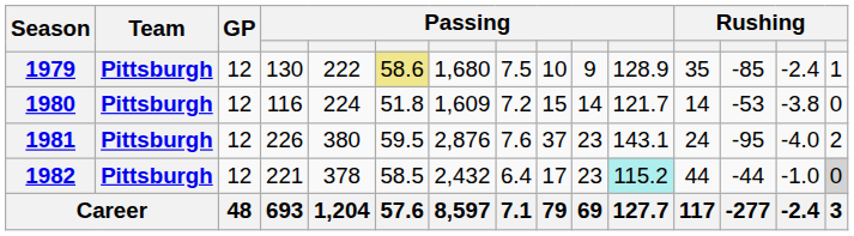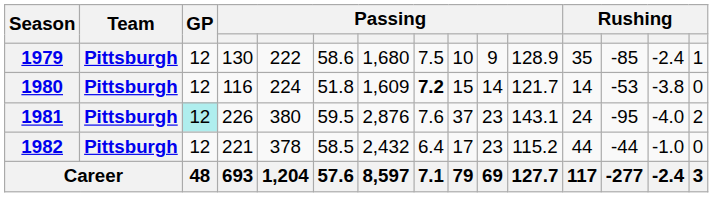 <table class="wikitable" style="text-align:center;">
 <tr>
 <th rowspan="2">Season</th>
 <th rowspan="2">Team</th>
 <th rowspan="2">GP</th>
 <th colspan="8">Passing</th>
 <th colspan="4">Rushing</th>
 </tr>
 <tr>
 <th></th>
 <th></th>
 <th></th>
 <th></th>
 <th></th>
 <th></th>
 <th></th>
 <th></th>
 <th></th>
 <th></th>
 <th></th>
 <th></th>
 </tr>
 <tr>
 <th><a href='#'>1979</a></th>
 <th><a href='#'>Pittsburgh</a></th>
 <td>12</td>
 <td>130</td>
 <td>222</td>
-<td style="background: khaki;">58.6</td>
+<td>58.6</td>
 <td>1,680</td>
 <td>7.5</td>
 <td>10</td>
 <td>9</td>
 <td>128.9</td>
 <td>35</td>
 <td>-85</td>
 <td>-2.4</td>
 <td>1</td>
 </tr>
 <tr>
 <th><a href='#'>1980</a></th>
 <th><a href='#'>Pittsburgh</a></th>
 <td>12</td>
 <td>116</td>
 <td>224</td>
 <td>51.8</td>
 <td>1,609</td>
-<td>7.2</td>
+<td><strong>7.2</strong></td>
 <td>15</td>
 <td>14</td>
 <td>121.7</td>
 <td>14</td>
 <td>-53</td>
 <td>-3.8</td>
 <td>0</td>
 </tr>
 <tr>
 <th><a href='#'>1981</a></th>
 <th><a href='#'>Pittsburgh</a></th>
-<td>12</td>
+<td style="background: paleturquoise;">12</td>
 <td>226</td>
 <td>380</td>
 <td>59.5</td>
 <td>2,876</td>
 <td>7.6</td>
 <td>37</td>
 <td>23</td>
 <td>143.1</td>
 <td>24</td>
 <td>-95</td>
 <td>-4.0</td>
 <td>2</td>
 </tr>
 <tr>
 <th><a href='#'>1982</a></th>
 <th><a href='#'>Pittsburgh</a></th>
 <td>12</td>
 <td>221</td>
 <td>378</td>
 <td>58.5</td>
 <td>2,432</td>
 <td>6.4</td>
 <td>17</td>
 <td>23</td>
-<td style="background: paleturquoise;">115.2</td>
+<td>115.2</td>
 <td>44</td>
 <td>-44</td>
 <td>-1.0</td>
-<td style="background: lightgrey;">0</td>
+<td>0</td>
 </tr>
 <tr>
 <th colspan="2">Career</th>
 <th>48</th>
 <th>693</th>
 <th>1,204</th>
 <th>57.6</th>
 <th>8,597</th>
 <th>7.1</th>
 <th>79</th>
 <th>69</th>
 <th>127.7</th>
 <th>117</th>
 <th>-277</th>
 <th>-2.4</th>
 <th>3</th>
 </tr>
 </table>
